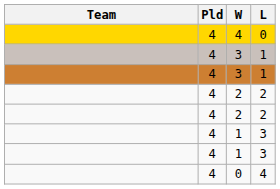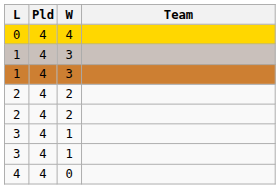 <table class="wikitable" style="text-align:center">
 <tr>
-<th width="200">Team</th>
+<th width="20">L</th>
 <th width="20">Pld</th>
 <th width="20">W</th>
-<th width="20">L</th>
+<th width="200">Team</th>
 </tr>
 <tr style="background:#FFD700">
+<td>0</td>
+<td>4</td>
+<td>4</td>
 <td align=left></td>
+</tr>
+<tr style="background:#C9C0BB">
+<td>1</td>
+<td>4</td>
+<td>3</td>
+<td align=left></td>
+</tr>
+<tr style="background:#CD7F32">
+<td>1</td>
+<td>4</td>
+<td>3</td>
+<td align=left></td>
+</tr>
+<tr>
+<td>2</td>
+<td>4</td>
+<td>2</td>
+<td align=left></td>
+</tr>
+<tr>
+<td>2</td>
+<td>4</td>
+<td>2</td>
+<td align=left></td>
+</tr>
+<tr>
+<td>3</td>
+<td>4</td>
+<td>1</td>
+<td align=left></td>
+</tr>
+<tr>
+<td>3</td>
+<td>4</td>
+<td>1</td>
+<td align=left></td>
+</tr>
+<tr>
 <td>4</td>
 <td>4</td>
 <td>0</td>
-</tr>
-<tr style="background:#C9C0BB">
 <td align=left></td>
-<td>4</td>
-<td>3</td>
-<td>1</td>
-</tr>
-<tr style="background:#CD7F32">
-<td align=left></td>
-<td>4</td>
-<td>3</td>
-<td>1</td>
-</tr>
-<tr>
-<td align=left></td>
-<td>4</td>
-<td>2</td>
-<td>2</td>
-</tr>
-<tr>
-<td align=left></td>
-<td>4</td>
-<td>2</td>
-<td>2</td>
-</tr>
-<tr>
-<td align=left></td>
-<td>4</td>
-<td>1</td>
-<td>3</td>
-</tr>
-<tr>
-<td align=left></td>
-<td>4</td>
-<td>1</td>
-<td>3</td>
-</tr>
-<tr>
-<td align=left></td>
-<td>4</td>
-<td>0</td>
-<td>4</td>
 </tr>
 </table>
